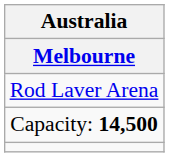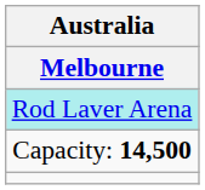 <table class="wikitable" style="text-align:center">
 <tr>
 <th colspan=1> Australia</th>
 </tr>
 <tr>
 <th colspan=1><a href='#'>Melbourne</a></th>
 </tr>
 <tr>
-<td><a href='#'>Rod Laver Arena</a></td>
+<td style="background: paleturquoise;"><a href='#'>Rod Laver Arena</a></td>
 </tr>
 <tr>
 <td>Capacity: <strong>14,500</strong></td>
 </tr>
 <tr>
 <td></td>
 </tr>
 </table>
